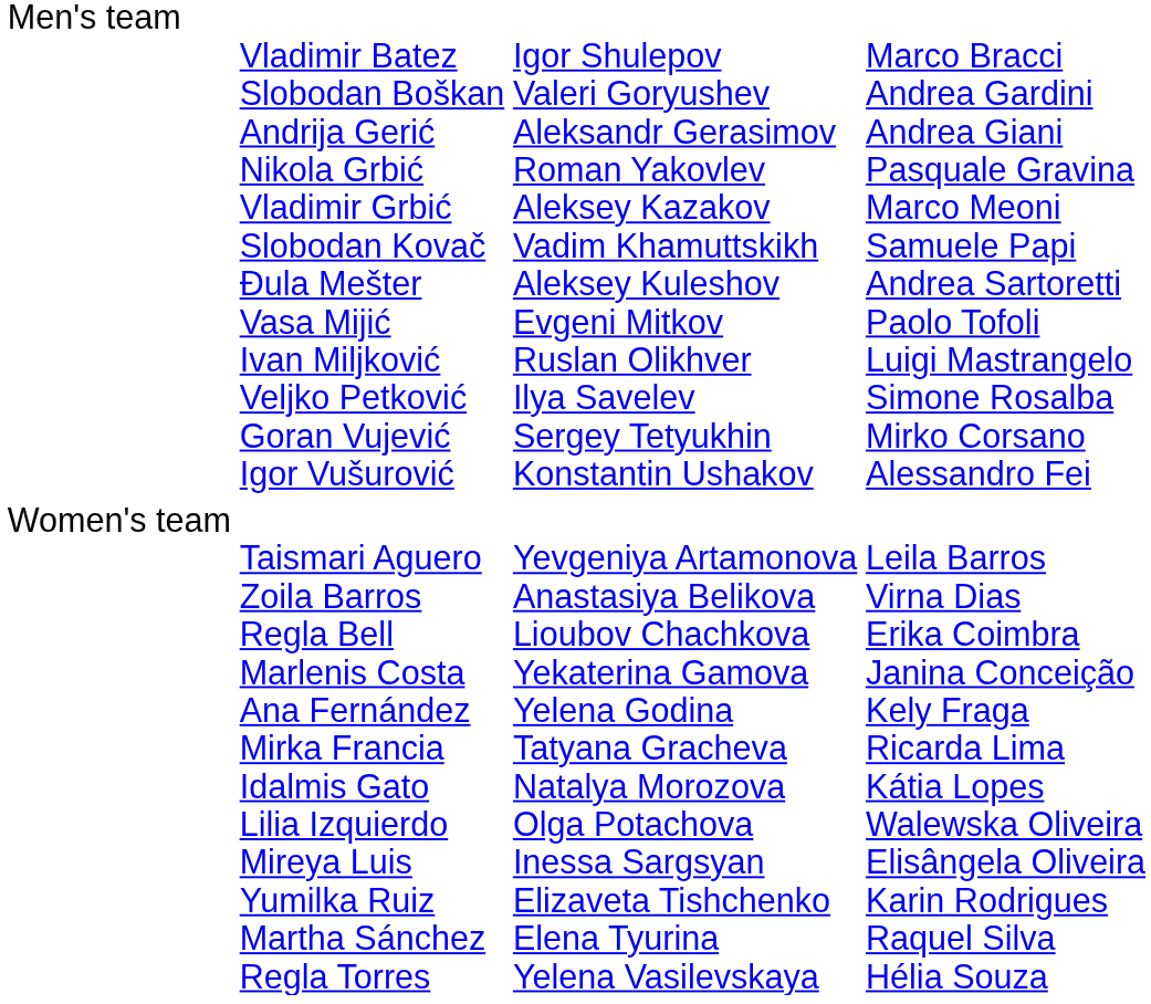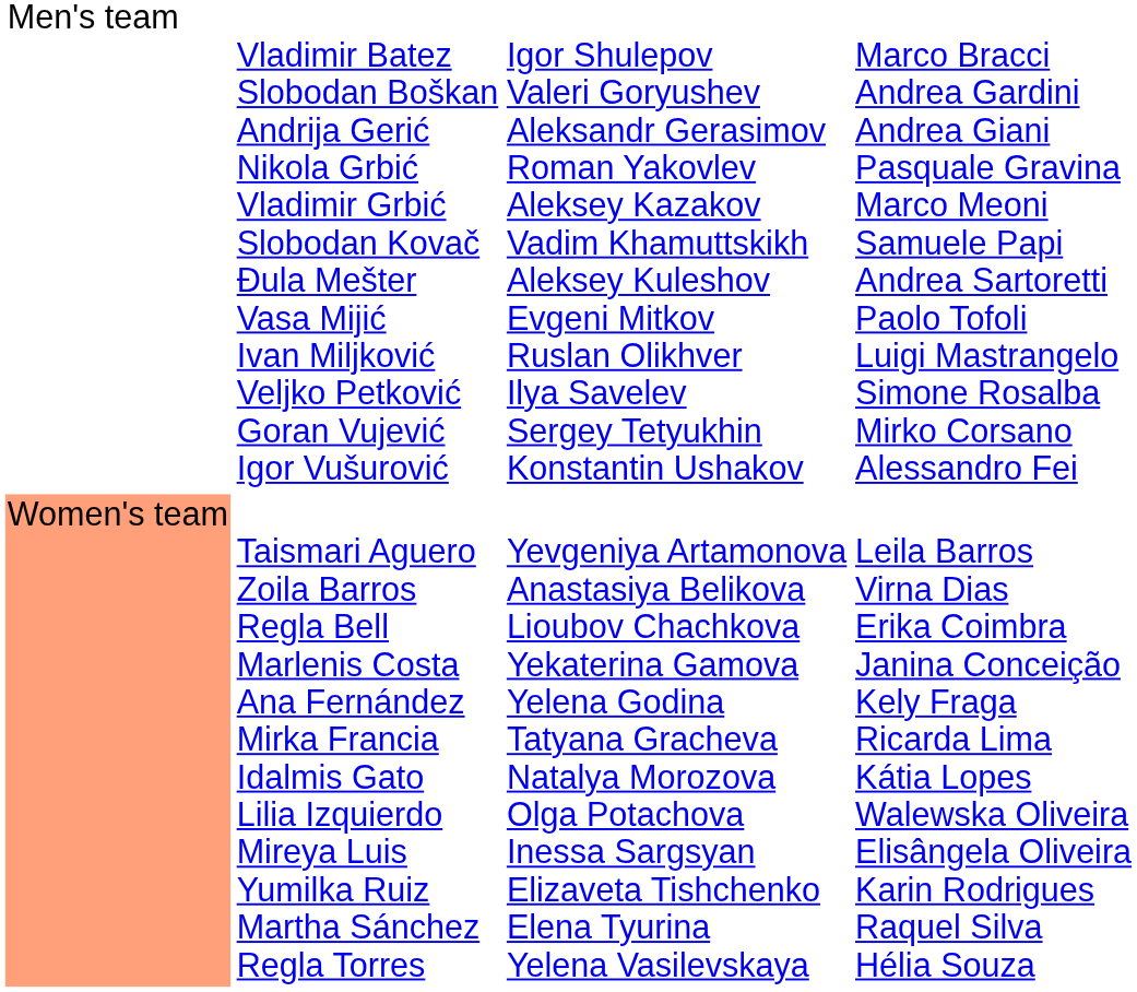 <table>
 <tr valign="top">
 <td>Men's team<br></td>
 <td><br><a href='#'>Vladimir Batez</a><br><a href='#'>Slobodan Boškan</a><br><a href='#'>Andrija Gerić</a><br><a href='#'>Nikola Grbić</a><br><a href='#'>Vladimir Grbić</a><br><a href='#'>Slobodan Kovač</a><br><a href='#'>Đula Mešter</a><br><a href='#'>Vasa Mijić</a><br><a href='#'>Ivan Miljković</a><br><a href='#'>Veljko Petković</a><br><a href='#'>Goran Vujević</a><br><a href='#'>Igor Vušurović</a></td>
 <td><br><a href='#'>Igor Shulepov</a><br><a href='#'>Valeri Goryushev</a><br><a href='#'>Aleksandr Gerasimov</a><br><a href='#'>Roman Yakovlev</a><br><a href='#'>Aleksey Kazakov</a><br><a href='#'>Vadim Khamuttskikh</a><br><a href='#'>Aleksey Kuleshov</a><br><a href='#'>Evgeni Mitkov</a><br><a href='#'>Ruslan Olikhver</a><br><a href='#'>Ilya Savelev</a> <br><a href='#'>Sergey Tetyukhin</a><br><a href='#'>Konstantin Ushakov</a></td>
 <td><br><a href='#'>Marco Bracci</a><br><a href='#'>Andrea Gardini</a><br><a href='#'>Andrea Giani</a><br><a href='#'>Pasquale Gravina</a><br><a href='#'>Marco Meoni</a><br><a href='#'>Samuele Papi</a><br><a href='#'>Andrea Sartoretti</a><br><a href='#'>Paolo Tofoli</a><br><a href='#'>Luigi Mastrangelo</a><br><a href='#'>Simone Rosalba</a><br><a href='#'>Mirko Corsano</a><br><a href='#'>Alessandro Fei</a></td>
 </tr>
 <tr valign="top">
-<td>Women's team<br></td>
+<td style="background: lightsalmon;">Women's team<br></td>
 <td><br><a href='#'>Taismari Aguero</a><br><a href='#'>Zoila Barros</a><br><a href='#'>Regla Bell</a><br><a href='#'>Marlenis Costa</a><br><a href='#'>Ana Fernández</a><br><a href='#'>Mirka Francia</a><br><a href='#'>Idalmis Gato</a><br><a href='#'>Lilia Izquierdo</a><br><a href='#'>Mireya Luis</a><br><a href='#'>Yumilka Ruiz</a><br><a href='#'>Martha Sánchez</a><br><a href='#'>Regla Torres</a></td>
 <td><br><a href='#'>Yevgeniya Artamonova</a><br><a href='#'>Anastasiya Belikova</a><br><a href='#'>Lioubov Chachkova</a><br><a href='#'>Yekaterina Gamova</a> <br><a href='#'>Yelena Godina</a><br><a href='#'>Tatyana Gracheva</a><br><a href='#'>Natalya Morozova</a><br><a href='#'>Olga Potachova</a><br><a href='#'>Inessa Sargsyan</a><br><a href='#'>Elizaveta Tishchenko</a><br><a href='#'>Elena Tyurina</a><br><a href='#'>Yelena Vasilevskaya</a></td>
 <td><br><a href='#'>Leila Barros</a><br><a href='#'>Virna Dias</a><br><a href='#'>Erika Coimbra</a><br><a href='#'>Janina Conceição</a><br><a href='#'>Kely Fraga</a><br><a href='#'>Ricarda Lima</a><br><a href='#'>Kátia Lopes</a><br><a href='#'>Walewska Oliveira</a><br><a href='#'>Elisângela Oliveira</a><br><a href='#'>Karin Rodrigues</a><br><a href='#'>Raquel Silva</a><br><a href='#'>Hélia Souza</a></td>
 </tr>
 </table>
